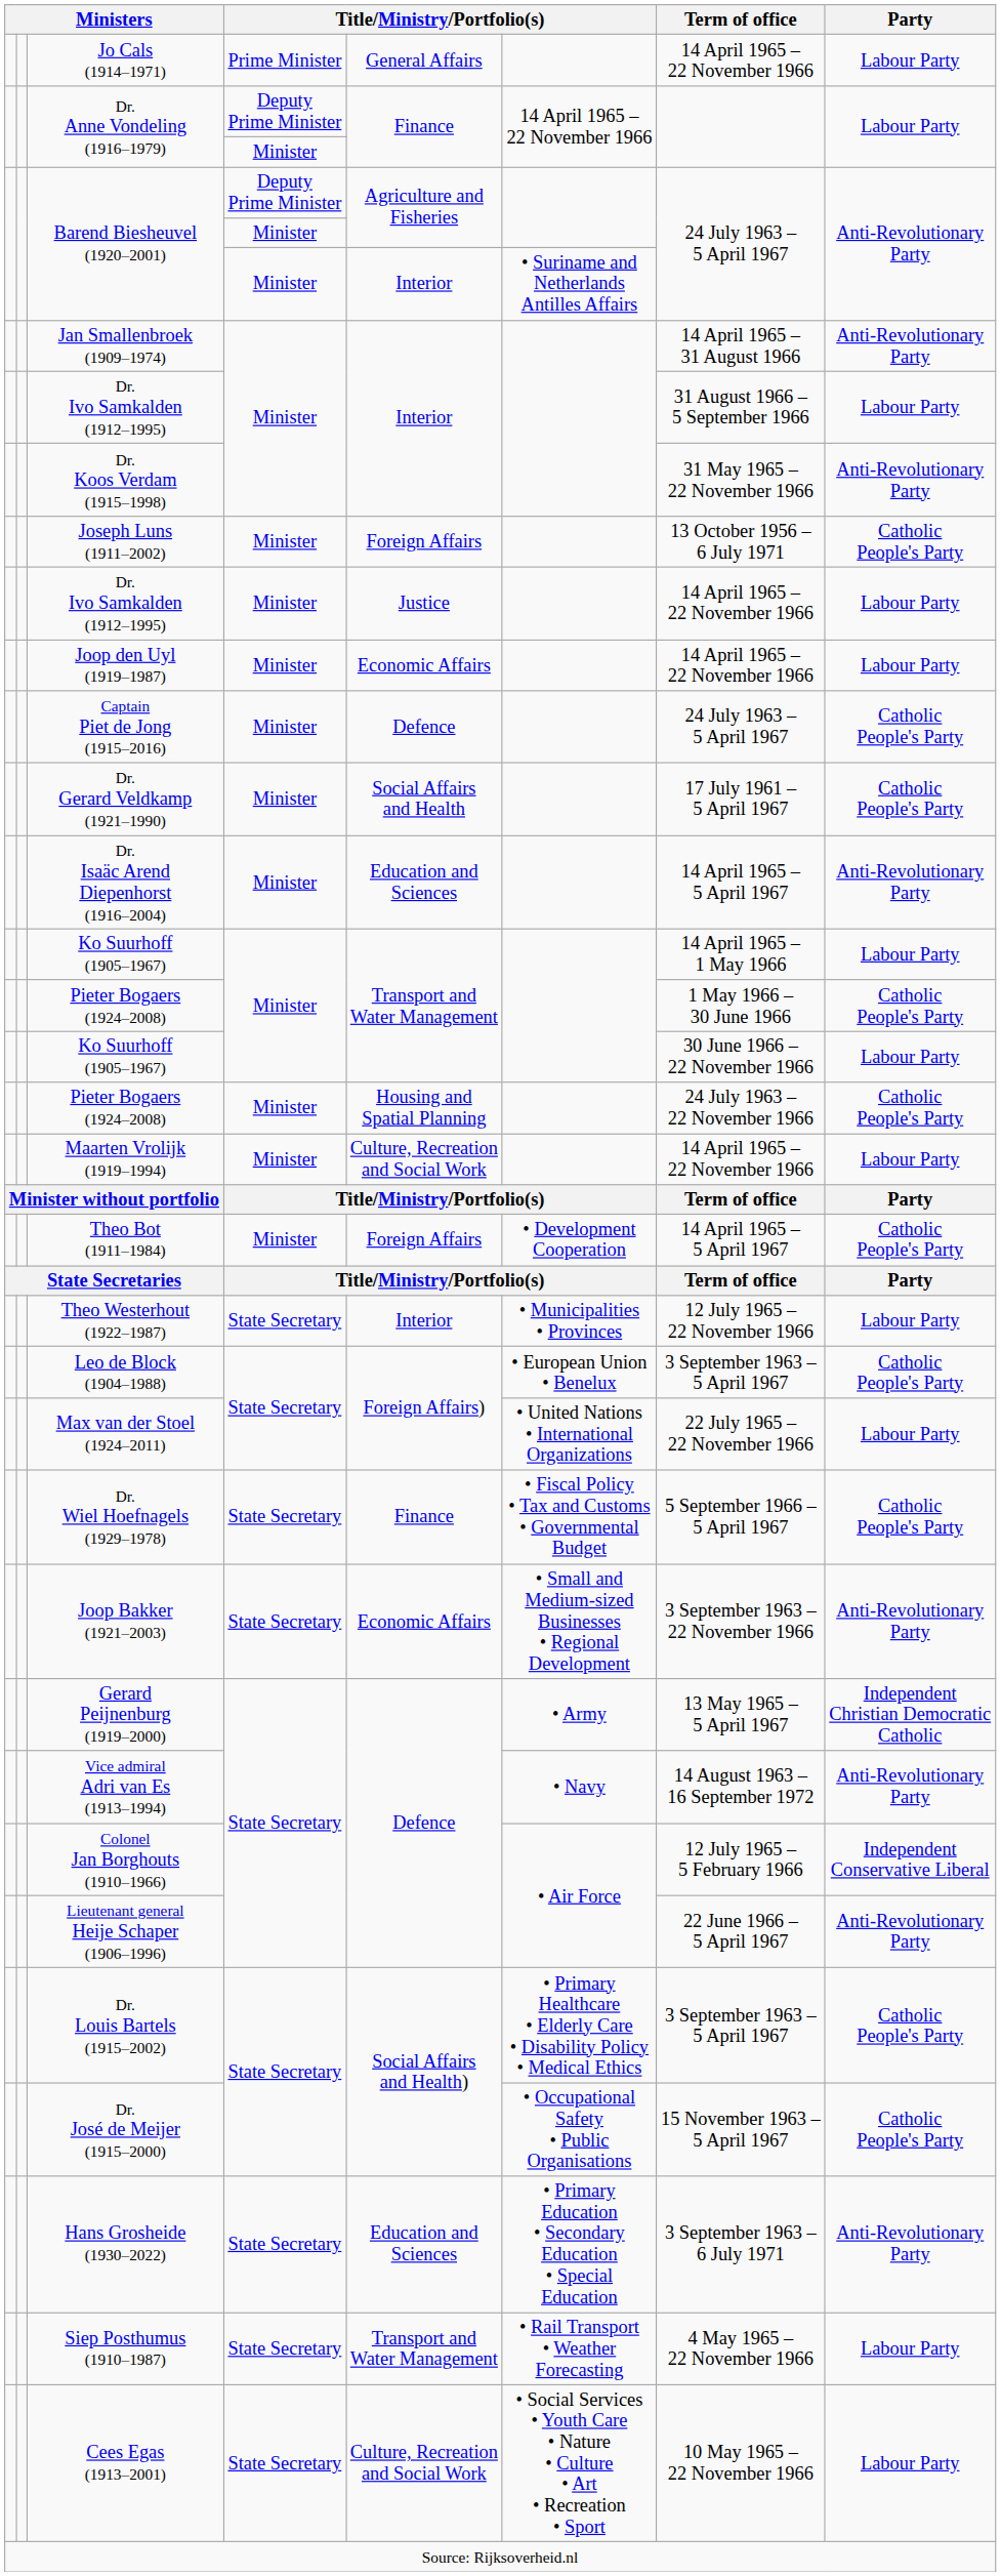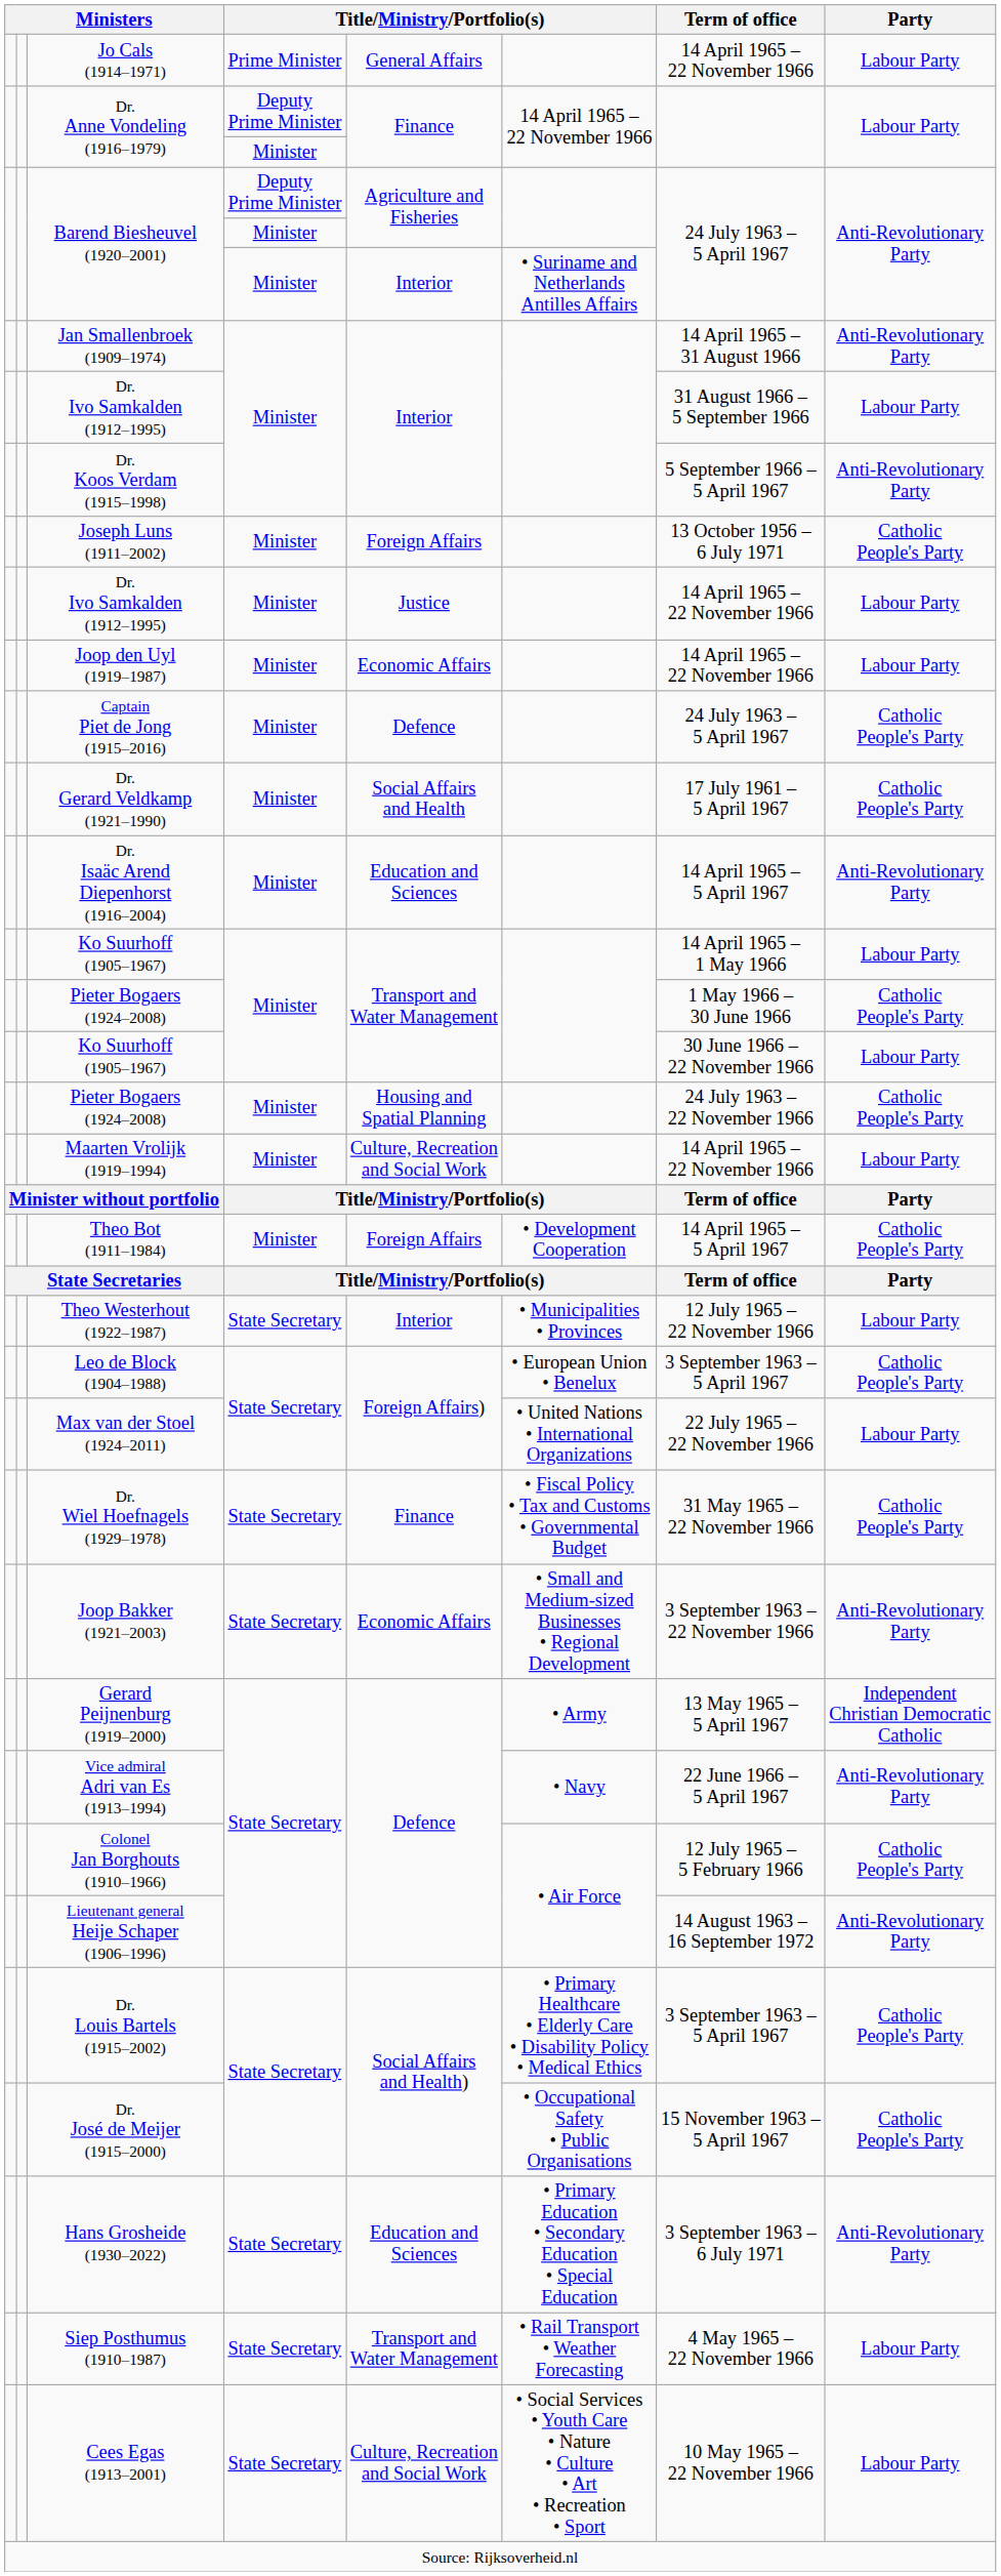 <table class="wikitable" style="text-align:center">
 <tr>
 <th colspan=3><a href='#'>Ministers</a></th>
 <th colspan=3>Title/<a href='#'>Ministry</a>/Portfolio(s)</th>
 <th>Term of office</th>
 <th>Party</th>
 </tr>
 <tr>
 <td style="background:"></td>
 <td></td>
 <td><a href='#'>Jo Cals</a> <br> <small>(1914–1971)</small></td>
 <td><a href='#'>Prime Minister</a></td>
 <td><a href='#'>General Affairs</a></td>
 <td></td>
 <td>14 April 1965 – <br> 22 November 1966</td>
 <td><a href='#'>Labour Party</a></td>
 </tr>
 <tr>
 <td rowspan=2 style="background:"></td>
 <td rowspan=2></td>
 <td rowspan=2><small>Dr.</small> <br> <a href='#'>Anne Vondeling</a> <br> <small>(1916–1979)</small></td>
 <td><a href='#'>Deputy <br> Prime Minister</a></td>
 <td rowspan=2><a href='#'>Finance</a></td>
 <td rowspan=2>14 April 1965 – <br> 22 November 1966</td>
 <td rowspan=2></td>
 <td rowspan=2><a href='#'>Labour Party</a></td>
 </tr>
 <tr>
 <td><a href='#'>Minister</a></td>
 </tr>
 <tr>
 <td rowspan=3 style="background:"></td>
 <td rowspan=3></td>
 <td rowspan=3><a href='#'>Barend Biesheuvel</a> <br> <small>(1920–2001)</small></td>
 <td><a href='#'>Deputy <br> Prime Minister</a></td>
 <td rowspan=2><a href='#'>Agriculture and <br> Fisheries</a></td>
 <td rowspan=2></td>
 <td rowspan=3>24 July 1963 – <br> 5 April 1967 <br>  </td>
 <td rowspan=3><a href='#'>Anti-Revolutionary <br> Party</a></td>
 </tr>
 <tr>
 <td><a href='#'>Minister</a></td>
 </tr>
 <tr>
 <td><a href='#'>Minister</a></td>
 <td><a href='#'>Interior</a></td>
 <td>• <a href='#'>Suriname and <br> Netherlands <br> Antilles Affairs</a></td>
 </tr>
 <tr>
 <td style="background:"></td>
 <td></td>
 <td><a href='#'>Jan Smallenbroek</a> <br> <small>(1909–1974)</small></td>
 <td rowspan=3><a href='#'>Minister</a></td>
 <td rowspan=3><a href='#'>Interior</a></td>
 <td rowspan=3></td>
 <td>14 April 1965 – <br> 31 August 1966 <br> </td>
 <td><a href='#'>Anti-Revolutionary <br> Party</a></td>
 </tr>
 <tr>
 <td style="background:"></td>
 <td></td>
 <td><small>Dr.</small> <br> <a href='#'>Ivo Samkalden</a> <br> <small>(1912–1995)</small></td>
 <td>31 August 1966 – <br> 5 September 1966 <br> </td>
 <td><a href='#'>Labour Party</a></td>
 </tr>
 <tr>
 <td style="background:"></td>
 <td></td>
 <td><small>Dr.</small> <br> <a href='#'>Koos Verdam</a> <br> <small>(1915–1998)</small></td>
-<td>31 May 1965 – <br> 22 November 1966</td>
+<td>5 September 1966 – <br> 5 April 1967 <br> </td>
 <td><a href='#'>Anti-Revolutionary <br> Party</a></td>
 </tr>
 <tr>
 <td style="background:"></td>
 <td></td>
 <td><a href='#'>Joseph Luns</a> <br> <small>(1911–2002)</small></td>
 <td><a href='#'>Minister</a></td>
 <td><a href='#'>Foreign Affairs</a></td>
 <td></td>
 <td>13 October 1956 – <br> 6 July 1971 <br>  </td>
 <td><a href='#'>Catholic <br> People's Party</a></td>
 </tr>
 <tr>
 <td style="background:"></td>
 <td></td>
 <td><small>Dr.</small> <br> <a href='#'>Ivo Samkalden</a> <br> <small>(1912–1995)</small></td>
 <td><a href='#'>Minister</a></td>
 <td><a href='#'>Justice</a></td>
 <td></td>
 <td>14 April 1965 – <br> 22 November 1966</td>
 <td><a href='#'>Labour Party</a></td>
 </tr>
 <tr>
 <td style="background:"></td>
 <td></td>
 <td><a href='#'>Joop den Uyl</a> <br> <small>(1919–1987)</small></td>
 <td><a href='#'>Minister</a></td>
 <td><a href='#'>Economic Affairs</a></td>
 <td></td>
 <td>14 April 1965 – <br> 22 November 1966</td>
 <td><a href='#'>Labour Party</a></td>
 </tr>
 <tr>
 <td style="background:"></td>
 <td></td>
 <td><small><a href='#'>Captain</a></small> <br> <a href='#'>Piet de Jong</a> <br> <small>(1915–2016)</small></td>
 <td><a href='#'>Minister</a></td>
 <td><a href='#'>Defence</a></td>
 <td></td>
 <td>24 July 1963 – <br> 5 April 1967 <br>  </td>
 <td><a href='#'>Catholic <br> People's Party</a></td>
 </tr>
 <tr>
 <td style="background:"></td>
 <td></td>
 <td><small>Dr.</small> <br> <a href='#'>Gerard Veldkamp</a> <br> <small>(1921–1990)</small></td>
 <td><a href='#'>Minister</a></td>
 <td><a href='#'>Social Affairs</a> <br> <a href='#'>and Health</a></td>
 <td></td>
 <td>17 July 1961 – <br> 5 April 1967 <br>  </td>
 <td><a href='#'>Catholic <br> People's Party</a></td>
 </tr>
 <tr>
 <td style="background:"></td>
 <td></td>
 <td><small>Dr.</small> <br> <a href='#'>Isaäc Arend <br> Diepenhorst</a> <br> <small>(1916–2004)</small></td>
 <td><a href='#'>Minister</a></td>
 <td><a href='#'>Education and <br> Sciences</a></td>
 <td></td>
 <td>14 April 1965 – <br> 5 April 1967 <br> </td>
 <td><a href='#'>Anti-Revolutionary <br> Party</a></td>
 </tr>
 <tr>
 <td style="background:"></td>
 <td></td>
 <td><a href='#'>Ko Suurhoff</a> <br> <small>(1905–1967)</small></td>
 <td rowspan=3><a href='#'>Minister</a></td>
 <td rowspan=3><a href='#'>Transport and <br> Water Management</a></td>
 <td rowspan=3></td>
 <td>14 April 1965 – <br> 1 May 1966 <br> </td>
 <td><a href='#'>Labour Party</a></td>
 </tr>
 <tr>
 <td style="background:"></td>
 <td></td>
 <td><a href='#'>Pieter Bogaers</a> <br> <small>(1924–2008)</small></td>
 <td>1 May 1966 – <br> 30 June 1966 <br> </td>
 <td><a href='#'>Catholic <br> People's Party</a></td>
 </tr>
 <tr>
 <td style="background:"></td>
 <td></td>
 <td><a href='#'>Ko Suurhoff</a> <br> <small>(1905–1967)</small></td>
 <td>30 June 1966 – <br> 22 November 1966</td>
 <td><a href='#'>Labour Party</a></td>
 </tr>
 <tr>
 <td style="background:"></td>
 <td></td>
 <td><a href='#'>Pieter Bogaers</a> <br> <small>(1924–2008)</small></td>
 <td><a href='#'>Minister</a></td>
 <td><a href='#'>Housing and <br> Spatial Planning</a></td>
 <td></td>
 <td>24 July 1963 – <br> 22 November 1966 <br> </td>
 <td><a href='#'>Catholic <br> People's Party</a></td>
 </tr>
 <tr>
 <td style="background:"></td>
 <td></td>
 <td><a href='#'>Maarten Vrolijk</a> <br> <small>(1919–1994)</small></td>
 <td><a href='#'>Minister</a></td>
 <td><a href='#'>Culture, Recreation <br> and Social Work</a></td>
 <td></td>
 <td>14 April 1965 – <br> 22 November 1966</td>
 <td><a href='#'>Labour Party</a></td>
 </tr>
 <tr>
 <th colspan=3><a href='#'>Minister without portfolio</a></th>
 <th colspan=3>Title/<a href='#'>Ministry</a>/Portfolio(s)</th>
 <th>Term of office</th>
 <th>Party</th>
 </tr>
 <tr>
 <td style="background:"></td>
 <td></td>
 <td><a href='#'>Theo Bot</a> <br> <small>(1911–1984)</small></td>
 <td><a href='#'>Minister</a></td>
 <td><a href='#'>Foreign Affairs</a></td>
 <td>• <a href='#'>Development <br> Cooperation</a></td>
 <td>14 April 1965 – <br> 5 April 1967 <br> </td>
 <td><a href='#'>Catholic <br> People's Party</a></td>
 </tr>
 <tr>
 <th colspan=3><a href='#'>State Secretaries</a></th>
 <th colspan=3>Title/<a href='#'>Ministry</a>/Portfolio(s)</th>
 <th>Term of office</th>
 <th>Party</th>
 </tr>
 <tr>
 <td style="background:"></td>
 <td></td>
 <td><a href='#'>Theo Westerhout</a> <br> <small>(1922–1987)</small></td>
 <td><a href='#'>State Secretary</a></td>
 <td><a href='#'>Interior</a></td>
 <td>• <a href='#'>Municipalities</a> <br> • <a href='#'>Provinces</a></td>
 <td>12 July 1965 – <br> 22 November 1966</td>
 <td><a href='#'>Labour Party</a></td>
 </tr>
 <tr>
 <td style="background:"></td>
 <td></td>
 <td><a href='#'>Leo de Block</a> <br> <small>(1904–1988)</small></td>
 <td rowspan=2><a href='#'>State Secretary</a></td>
 <td rowspan=2><a href='#'>Foreign Affairs</a>)</td>
 <td>• European Union <br> • <a href='#'>Benelux</a></td>
 <td>3 September 1963 – <br> 5 April 1967 <br>  </td>
 <td><a href='#'>Catholic <br> People's Party</a></td>
 </tr>
 <tr>
 <td style="background:"></td>
 <td></td>
 <td><a href='#'>Max van der Stoel</a> <br> <small>(1924–2011)</small></td>
 <td>• United Nations <br> • <a href='#'>International <br> Organizations</a></td>
 <td>22 July 1965 – <br> 22 November 1966</td>
 <td><a href='#'>Labour Party</a></td>
 </tr>
 <tr>
 <td style="background:"></td>
 <td></td>
 <td><small>Dr.</small> <br> <a href='#'>Wiel Hoefnagels</a> <br> <small>(1929–1978)</small></td>
 <td><a href='#'>State Secretary</a></td>
 <td><a href='#'>Finance</a></td>
 <td>• <a href='#'>Fiscal Policy</a> <br> • <a href='#'>Tax and Customs</a> <br> • <a href='#'>Governmental <br> Budget</a></td>
-<td>5 September 1966 – <br> 5 April 1967 <br> </td>
+<td>31 May 1965 – <br> 22 November 1966</td>
 <td><a href='#'>Catholic <br> People's Party</a></td>
 </tr>
 <tr>
 <td style="background:"></td>
 <td></td>
 <td><a href='#'>Joop Bakker</a> <br> <small>(1921–2003)</small></td>
 <td><a href='#'>State Secretary</a></td>
 <td><a href='#'>Economic Affairs</a></td>
 <td>• <a href='#'>Small and <br> Medium-sized <br> Businesses</a> <br> • <a href='#'>Regional <br> Development</a></td>
 <td>3 September 1963 – <br> 22 November 1966 <br> </td>
 <td><a href='#'>Anti-Revolutionary <br> Party</a></td>
 </tr>
 <tr>
 <td style="background:"></td>
 <td></td>
 <td><a href='#'>Gerard <br> Peijnenburg</a> <br> <small>(1919–2000)</small></td>
 <td rowspan=4><a href='#'>State Secretary</a></td>
 <td rowspan=4><a href='#'>Defence</a></td>
 <td>• <a href='#'>Army</a></td>
 <td>13 May 1965 – <br> 5 April 1967 <br> </td>
 <td><a href='#'>Independent</a> <br> <a href='#'>Christian Democratic <br> Catholic</a></td>
 </tr>
 <tr>
 <td style="background:"></td>
 <td></td>
 <td><small><a href='#'>Vice admiral</a></small> <br> <a href='#'>Adri van Es</a> <br> <small>(1913–1994)</small></td>
 <td>• <a href='#'>Navy</a></td>
-<td>14 August 1963 – <br> 16 September 1972 <br>  </td>
+<td>22 June 1966 – <br> 5 April 1967 <br> </td>
 <td><a href='#'>Anti-Revolutionary <br> Party</a></td>
 </tr>
 <tr>
 <td style="background:"></td>
 <td></td>
 <td><small><a href='#'>Colonel</a></small> <br> <a href='#'>Jan Borghouts</a> <br> <small>(1910–1966)</small></td>
 <td rowspan=2>• <a href='#'>Air Force</a></td>
 <td>12 July 1965 – <br> 5 February 1966 <br> </td>
-<td><a href='#'>Independent</a> <br> <a href='#'>Conservative Liberal</a></td>
+<td><a href='#'>Catholic <br> People's Party</a></td>
 </tr>
 <tr>
 <td style="background:"></td>
 <td></td>
 <td><small><a href='#'>Lieutenant general</a></small> <br> <a href='#'>Heije Schaper</a> <br> <small>(1906–1996)</small></td>
-<td>22 June 1966 – <br> 5 April 1967 <br> </td>
+<td>14 August 1963 – <br> 16 September 1972 <br>  </td>
 <td><a href='#'>Anti-Revolutionary <br> Party</a></td>
 </tr>
 <tr>
 <td style="background:"></td>
 <td></td>
 <td><small>Dr.</small> <br> <a href='#'>Louis Bartels</a> <br> <small>(1915–2002)</small></td>
 <td rowspan=2><a href='#'>State Secretary</a></td>
 <td rowspan=2><a href='#'>Social Affairs</a> <br> <a href='#'>and Health</a>)</td>
 <td>• <a href='#'>Primary <br> Healthcare</a> <br> • <a href='#'>Elderly Care</a> <br> • <a href='#'>Disability Policy</a> <br> • <a href='#'>Medical Ethics</a></td>
 <td>3 September 1963 – <br> 5 April 1967 <br>  </td>
 <td><a href='#'>Catholic <br> People's Party</a></td>
 </tr>
 <tr>
 <td style="background:"></td>
 <td></td>
 <td><small>Dr.</small> <br> <a href='#'>José de Meijer</a> <br> <small>(1915–2000)</small></td>
 <td>• <a href='#'>Occupational <br> Safety</a> <br> • <a href='#'>Public <br> Organisations</a></td>
 <td>15 November 1963 – <br> 5 April 1967 <br>  </td>
 <td><a href='#'>Catholic <br> People's Party</a></td>
 </tr>
 <tr>
 <td style="background:"></td>
 <td></td>
 <td><a href='#'>Hans Grosheide</a> <br> <small>(1930–2022)</small></td>
 <td><a href='#'>State Secretary</a></td>
 <td><a href='#'>Education and <br> Sciences</a></td>
 <td>• <a href='#'>Primary <br> Education</a> <br> • <a href='#'>Secondary <br> Education</a> <br> • <a href='#'>Special <br> Education</a></td>
 <td>3 September 1963 – <br> 6 July 1971 <br>  </td>
 <td><a href='#'>Anti-Revolutionary <br> Party</a></td>
 </tr>
 <tr>
 <td style="background:"></td>
 <td></td>
 <td><a href='#'>Siep Posthumus</a> <br> <small>(1910–1987)</small></td>
 <td><a href='#'>State Secretary</a></td>
 <td><a href='#'>Transport and <br> Water Management</a></td>
 <td>• <a href='#'>Rail Transport</a> <br> • <a href='#'>Weather <br> Forecasting</a></td>
 <td>4 May 1965 – <br> 22 November 1966</td>
 <td><a href='#'>Labour Party</a></td>
 </tr>
 <tr>
 <td style="background:"></td>
 <td></td>
 <td><a href='#'>Cees Egas</a> <br> <small>(1913–2001)</small></td>
 <td><a href='#'>State Secretary</a></td>
 <td><a href='#'>Culture, Recreation <br> and Social Work</a></td>
 <td>• Social Services <br> • <a href='#'>Youth Care</a> <br> • Nature <br> • <a href='#'>Culture</a> <br> • <a href='#'>Art</a> <br> • Recreation <br> • <a href='#'>Sport</a></td>
 <td>10 May 1965 – <br> 22 November 1966</td>
 <td><a href='#'>Labour Party</a></td>
 </tr>
 <tr>
 <td colspan=8><small>Source:  Rijksoverheid.nl</small></td>
 </tr>
 <tr>
 </tr>
 </table>
